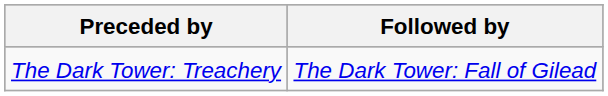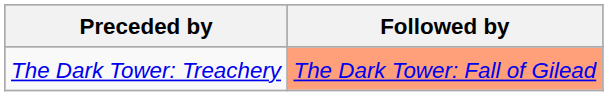 <table class="wikitable">
 <tr>
 <th><small><strong>Preceded by</strong></small></th>
 <th><small><strong>Followed by</strong></small></th>
 </tr>
 <tr>
 <td><small><em><a href='#'>The Dark Tower: Treachery</a></em></small></td>
-<td><small><em><a href='#'>The Dark Tower: Fall of Gilead</a></em></small></td>
+<td style="background: lightsalmon;"><small><em><a href='#'>The Dark Tower: Fall of Gilead</a></em></small></td>
 </tr>
 </table>
